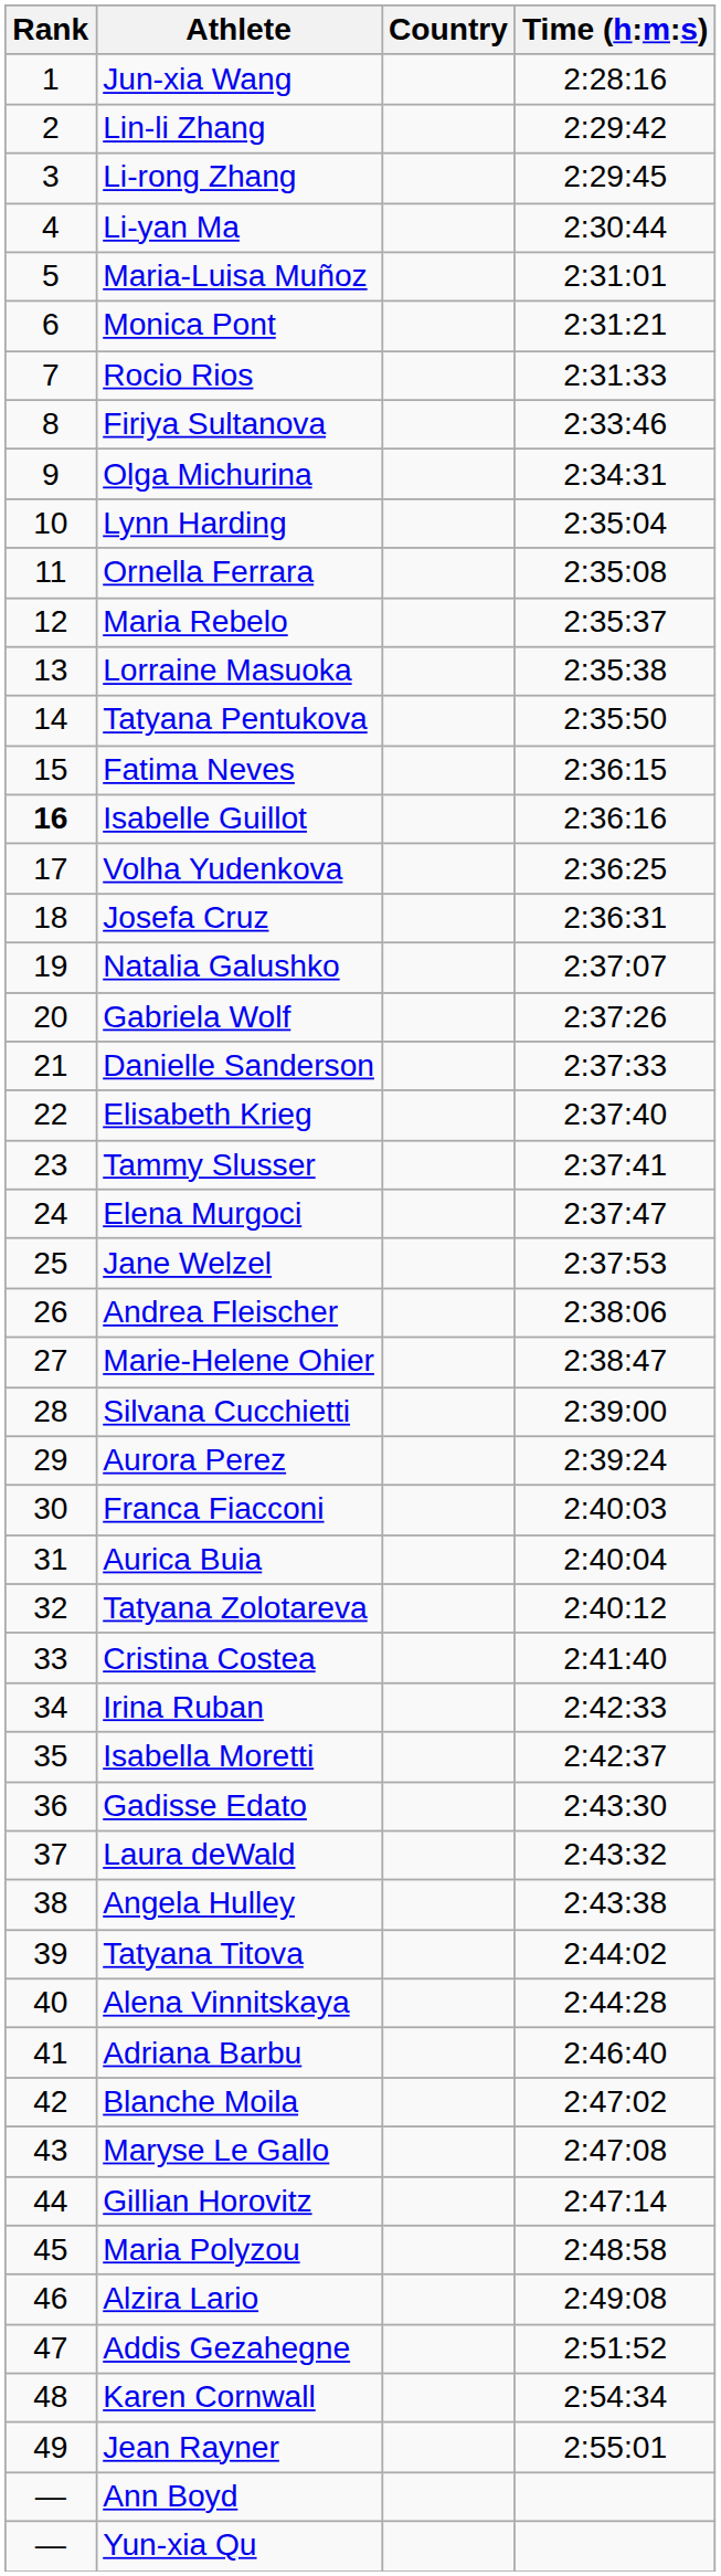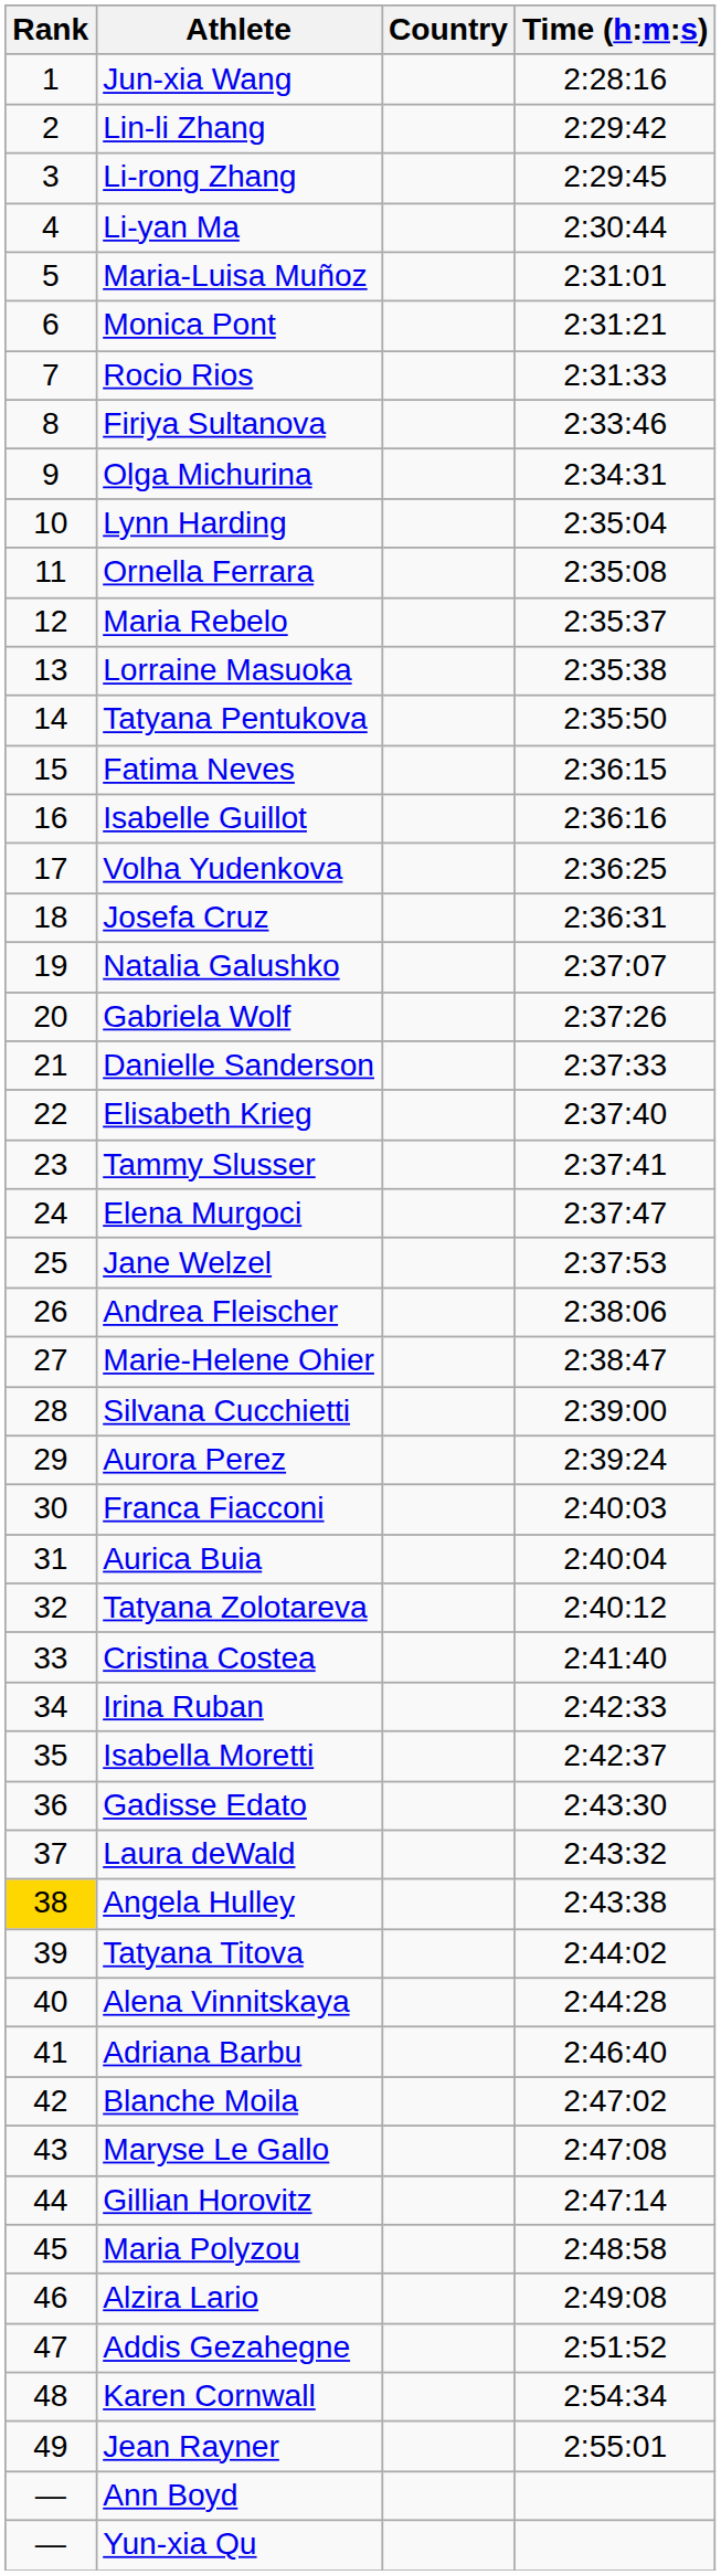 <table class="wikitable sortable" style="text-align:center;">
 <tr>
 <th>Rank</th>
 <th>Athlete</th>
 <th>Country</th>
 <th>Time (<a href='#'>h</a>:<a href='#'>m</a>:<a href='#'>s</a>)</th>
 </tr>
 <tr>
 <td>1</td>
 <td align=left><a href='#'>Jun-xia Wang</a></td>
 <td align=left></td>
 <td>2:28:16</td>
 </tr>
 <tr>
 <td>2</td>
 <td align=left><a href='#'>Lin-li Zhang</a></td>
 <td align=left></td>
 <td>2:29:42</td>
 </tr>
 <tr>
 <td>3</td>
 <td align=left><a href='#'>Li-rong Zhang</a></td>
 <td align=left></td>
 <td>2:29:45</td>
 </tr>
 <tr>
 <td>4</td>
 <td align=left><a href='#'>Li-yan Ma</a></td>
 <td align=left></td>
 <td>2:30:44</td>
 </tr>
 <tr>
 <td>5</td>
 <td align=left><a href='#'>Maria-Luisa Muñoz</a></td>
 <td align=left></td>
 <td>2:31:01</td>
 </tr>
 <tr>
 <td>6</td>
 <td align=left><a href='#'>Monica Pont</a></td>
 <td align=left></td>
 <td>2:31:21</td>
 </tr>
 <tr>
 <td>7</td>
 <td align=left><a href='#'>Rocio Rios</a></td>
 <td align=left></td>
 <td>2:31:33</td>
 </tr>
 <tr>
 <td>8</td>
 <td align=left><a href='#'>Firiya Sultanova</a></td>
 <td align=left></td>
 <td>2:33:46</td>
 </tr>
 <tr>
 <td>9</td>
 <td align=left><a href='#'>Olga Michurina</a></td>
 <td align=left></td>
 <td>2:34:31</td>
 </tr>
 <tr>
 <td>10</td>
 <td align=left><a href='#'>Lynn Harding</a></td>
 <td align=left></td>
 <td>2:35:04</td>
 </tr>
 <tr>
 <td>11</td>
 <td align=left><a href='#'>Ornella Ferrara</a></td>
 <td align=left></td>
 <td>2:35:08</td>
 </tr>
 <tr>
 <td>12</td>
 <td align=left><a href='#'>Maria Rebelo</a></td>
 <td align=left></td>
 <td>2:35:37</td>
 </tr>
 <tr>
 <td>13</td>
 <td align=left><a href='#'>Lorraine Masuoka</a></td>
 <td align=left></td>
 <td>2:35:38</td>
 </tr>
 <tr>
 <td>14</td>
 <td align=left><a href='#'>Tatyana Pentukova</a></td>
 <td align=left></td>
 <td>2:35:50</td>
 </tr>
 <tr>
 <td>15</td>
 <td align=left><a href='#'>Fatima Neves</a></td>
 <td align=left></td>
 <td>2:36:15</td>
 </tr>
 <tr>
-<td><strong>16</strong></td>
+<td>16</td>
 <td align=left><a href='#'>Isabelle Guillot</a></td>
 <td align=left></td>
 <td>2:36:16</td>
 </tr>
 <tr>
 <td>17</td>
 <td align=left><a href='#'>Volha Yudenkova</a></td>
 <td align=left></td>
 <td>2:36:25</td>
 </tr>
 <tr>
 <td>18</td>
 <td align=left><a href='#'>Josefa Cruz</a></td>
 <td align=left></td>
 <td>2:36:31</td>
 </tr>
 <tr>
 <td>19</td>
 <td align=left><a href='#'>Natalia Galushko</a></td>
 <td align=left></td>
 <td>2:37:07</td>
 </tr>
 <tr>
 <td>20</td>
 <td align=left><a href='#'>Gabriela Wolf</a></td>
 <td align=left></td>
 <td>2:37:26</td>
 </tr>
 <tr>
 <td>21</td>
 <td align=left><a href='#'>Danielle Sanderson</a></td>
 <td align=left></td>
 <td>2:37:33</td>
 </tr>
 <tr>
 <td>22</td>
 <td align=left><a href='#'>Elisabeth Krieg</a></td>
 <td align=left></td>
 <td>2:37:40</td>
 </tr>
 <tr>
 <td>23</td>
 <td align=left><a href='#'>Tammy Slusser</a></td>
 <td align=left></td>
 <td>2:37:41</td>
 </tr>
 <tr>
 <td>24</td>
 <td align=left><a href='#'>Elena Murgoci</a></td>
 <td align=left></td>
 <td>2:37:47</td>
 </tr>
 <tr>
 <td>25</td>
 <td align=left><a href='#'>Jane Welzel</a></td>
 <td align=left></td>
 <td>2:37:53</td>
 </tr>
 <tr>
 <td>26</td>
 <td align=left><a href='#'>Andrea Fleischer</a></td>
 <td align=left></td>
 <td>2:38:06</td>
 </tr>
 <tr>
 <td>27</td>
 <td align=left><a href='#'>Marie-Helene Ohier</a></td>
 <td align=left></td>
 <td>2:38:47</td>
 </tr>
 <tr>
 <td>28</td>
 <td align=left><a href='#'>Silvana Cucchietti</a></td>
 <td align=left></td>
 <td>2:39:00</td>
 </tr>
 <tr>
 <td>29</td>
 <td align=left><a href='#'>Aurora Perez</a></td>
 <td align=left></td>
 <td>2:39:24</td>
 </tr>
 <tr>
 <td>30</td>
 <td align=left><a href='#'>Franca Fiacconi</a></td>
 <td align=left></td>
 <td>2:40:03</td>
 </tr>
 <tr>
 <td>31</td>
 <td align=left><a href='#'>Aurica Buia</a></td>
 <td align=left></td>
 <td>2:40:04</td>
 </tr>
 <tr>
 <td>32</td>
 <td align=left><a href='#'>Tatyana Zolotareva</a></td>
 <td align=left></td>
 <td>2:40:12</td>
 </tr>
 <tr>
 <td>33</td>
 <td align=left><a href='#'>Cristina Costea</a></td>
 <td align=left></td>
 <td>2:41:40</td>
 </tr>
 <tr>
 <td>34</td>
 <td align=left><a href='#'>Irina Ruban</a></td>
 <td align=left></td>
 <td>2:42:33</td>
 </tr>
 <tr>
 <td>35</td>
 <td align=left><a href='#'>Isabella Moretti</a></td>
 <td align=left></td>
 <td>2:42:37</td>
 </tr>
 <tr>
 <td>36</td>
 <td align=left><a href='#'>Gadisse Edato</a></td>
 <td align=left></td>
 <td>2:43:30</td>
 </tr>
 <tr>
 <td>37</td>
 <td align=left><a href='#'>Laura deWald</a></td>
 <td align=left></td>
 <td>2:43:32</td>
 </tr>
 <tr>
-<td>38</td>
+<td style="background: gold;">38</td>
 <td align=left><a href='#'>Angela Hulley</a></td>
 <td align=left></td>
 <td>2:43:38</td>
 </tr>
 <tr>
 <td>39</td>
 <td align=left><a href='#'>Tatyana Titova</a></td>
 <td align=left></td>
 <td>2:44:02</td>
 </tr>
 <tr>
 <td>40</td>
 <td align=left><a href='#'>Alena Vinnitskaya</a></td>
 <td align=left></td>
 <td>2:44:28</td>
 </tr>
 <tr>
 <td>41</td>
 <td align=left><a href='#'>Adriana Barbu</a></td>
 <td align=left></td>
 <td>2:46:40</td>
 </tr>
 <tr>
 <td>42</td>
 <td align=left><a href='#'>Blanche Moila</a></td>
 <td align=left></td>
 <td>2:47:02</td>
 </tr>
 <tr>
 <td>43</td>
 <td align=left><a href='#'>Maryse Le Gallo</a></td>
 <td align=left></td>
 <td>2:47:08</td>
 </tr>
 <tr>
 <td>44</td>
 <td align=left><a href='#'>Gillian Horovitz</a></td>
 <td align=left></td>
 <td>2:47:14</td>
 </tr>
 <tr>
 <td>45</td>
 <td align=left><a href='#'>Maria Polyzou</a></td>
 <td align=left></td>
 <td>2:48:58</td>
 </tr>
 <tr>
 <td>46</td>
 <td align=left><a href='#'>Alzira Lario</a></td>
 <td align=left></td>
 <td>2:49:08</td>
 </tr>
 <tr>
 <td>47</td>
 <td align=left><a href='#'>Addis Gezahegne</a></td>
 <td align=left></td>
 <td>2:51:52</td>
 </tr>
 <tr>
 <td>48</td>
 <td align=left><a href='#'>Karen Cornwall</a></td>
 <td align=left></td>
 <td>2:54:34</td>
 </tr>
 <tr>
 <td>49</td>
 <td align=left><a href='#'>Jean Rayner</a></td>
 <td align=left></td>
 <td>2:55:01</td>
 </tr>
 <tr>
 <td>—</td>
 <td align=left><a href='#'>Ann Boyd</a></td>
 <td align=left></td>
 <td></td>
 </tr>
 <tr>
 <td>—</td>
 <td align=left><a href='#'>Yun-xia Qu</a></td>
 <td align=left></td>
 <td></td>
 </tr>
 </table>
